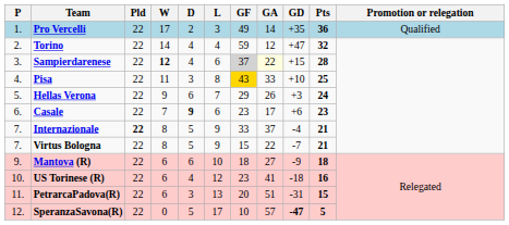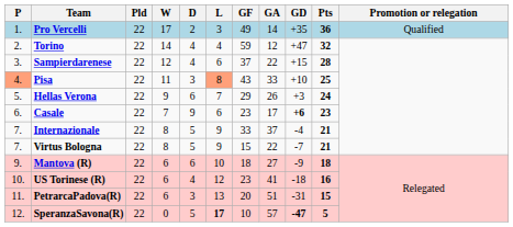 <table class="wikitable sortable" style="text-align: center;">
 <tr>
 <th width=33>P<br></th>
 <th>Team<br></th>
 <th width=33>Pld<br></th>
 <th width=33>W<br></th>
 <th width=33>D<br></th>
 <th width=33>L<br></th>
 <th width=33>GF<br></th>
 <th width=33>GA<br></th>
 <th width=33>GD<br></th>
 <th width=33>Pts<br></th>
 <th class="unsortable" width=250>Promotion or relegation<br></th>
 </tr>
 <tr style="background: lightblue;">
 <td>1.</td>
 <td align="left"><strong><a href='#'>Pro Vercelli</a></strong></td>
 <td>22</td>
 <td>17</td>
 <td>2</td>
 <td>3</td>
 <td>49</td>
 <td>14</td>
 <td>+35</td>
 <td><strong>36</strong></td>
 <td>Qualified</td>
 </tr>
 <tr>
 <td>2.</td>
 <td align="left"><strong><a href='#'>Torino</a></strong></td>
 <td>22</td>
 <td>14</td>
 <td>4</td>
 <td>4</td>
 <td>59</td>
 <td>12</td>
 <td>+47</td>
 <td><strong>32</strong></td>
 </tr>
 <tr>
 <td>3.</td>
 <td align="left"><strong><a href='#'>Sampierdarenese</a></strong></td>
 <td>22</td>
-<td><strong>12</strong></td>
+<td>12</td>
 <td>4</td>
 <td>6</td>
-<td style="background: lightgrey;">37</td>
-<td style="background: lightyellow;">22</td>
+<td>37</td>
+<td>22</td>
 <td>+15</td>
 <td><strong>28</strong></td>
 </tr>
 <tr>
-<td>4.</td>
+<td style="background: lightsalmon;">4.</td>
 <td align="left"><strong><a href='#'>Pisa</a></strong></td>
 <td>22</td>
 <td>11</td>
 <td>3</td>
-<td>8</td>
-<td style="background: gold;">43</td>
+<td style="background: lightsalmon;">8</td>
+<td>43</td>
 <td>33</td>
 <td>+10</td>
 <td><strong>25</strong></td>
 </tr>
 <tr>
 <td>5.</td>
 <td align="left"><strong><a href='#'>Hellas Verona</a></strong></td>
 <td>22</td>
 <td>9</td>
 <td>6</td>
 <td>7</td>
 <td>29</td>
 <td>26</td>
 <td>+3</td>
 <td><strong>24</strong></td>
 </tr>
 <tr>
 <td>6.</td>
 <td align="left"><strong><a href='#'>Casale</a></strong></td>
 <td>22</td>
 <td>7</td>
-<td><strong>9</strong></td>
+<td>9</td>
 <td>6</td>
 <td>23</td>
 <td>17</td>
-<td>+6</td>
+<td><strong>+6</strong></td>
 <td><strong>23</strong></td>
 </tr>
 <tr>
 <td>7.</td>
 <td align="left"><strong><a href='#'>Internazionale</a></strong></td>
-<td><strong>22</strong></td>
+<td>22</td>
 <td>8</td>
 <td>5</td>
 <td>9</td>
 <td>33</td>
 <td>37</td>
 <td>-4</td>
 <td><strong>21</strong></td>
 </tr>
 <tr>
 <td>7.</td>
 <td align="left"><strong>Virtus Bologna</strong></td>
 <td>22</td>
 <td>8</td>
 <td>5</td>
 <td>9</td>
 <td>15</td>
 <td>22</td>
 <td>-7</td>
 <td><strong>21</strong></td>
 </tr>
 <tr style="background:#FFCCCC">
 <td>9.</td>
 <td align="left"><strong><a href='#'>Mantova</a> (R)</strong></td>
 <td>22</td>
 <td>6</td>
 <td>6</td>
 <td>10</td>
 <td>18</td>
 <td>27</td>
 <td>-9</td>
 <td><strong>18</strong></td>
 <td rowspan="4">Relegated</td>
 </tr>
 <tr style="background:#FFCCCC">
 <td>10.</td>
 <td align="left"><strong>US Torinese (R)</strong></td>
 <td>22</td>
 <td>6</td>
 <td>4</td>
 <td>12</td>
 <td>23</td>
 <td>41</td>
 <td>-18</td>
 <td><strong>16</strong></td>
 </tr>
 <tr style="background:#FFCCCC">
 <td>11.</td>
 <td align="left"><strong>PetrarcaPadova(R)</strong></td>
 <td>22</td>
 <td>6</td>
 <td>3</td>
 <td>13</td>
 <td>20</td>
 <td>51</td>
 <td>-31</td>
 <td><strong>15</strong></td>
 </tr>
 <tr style="background:#FFCCCC">
 <td>12.</td>
 <td align="left"><strong>SperanzaSavona(R)</strong></td>
 <td>22</td>
 <td>0</td>
 <td>5</td>
-<td>17</td>
+<td><strong>17</strong></td>
 <td>10</td>
 <td>57</td>
 <td><strong>-47</strong></td>
 <td><strong>5</strong></td>
 </tr>
 </table>
